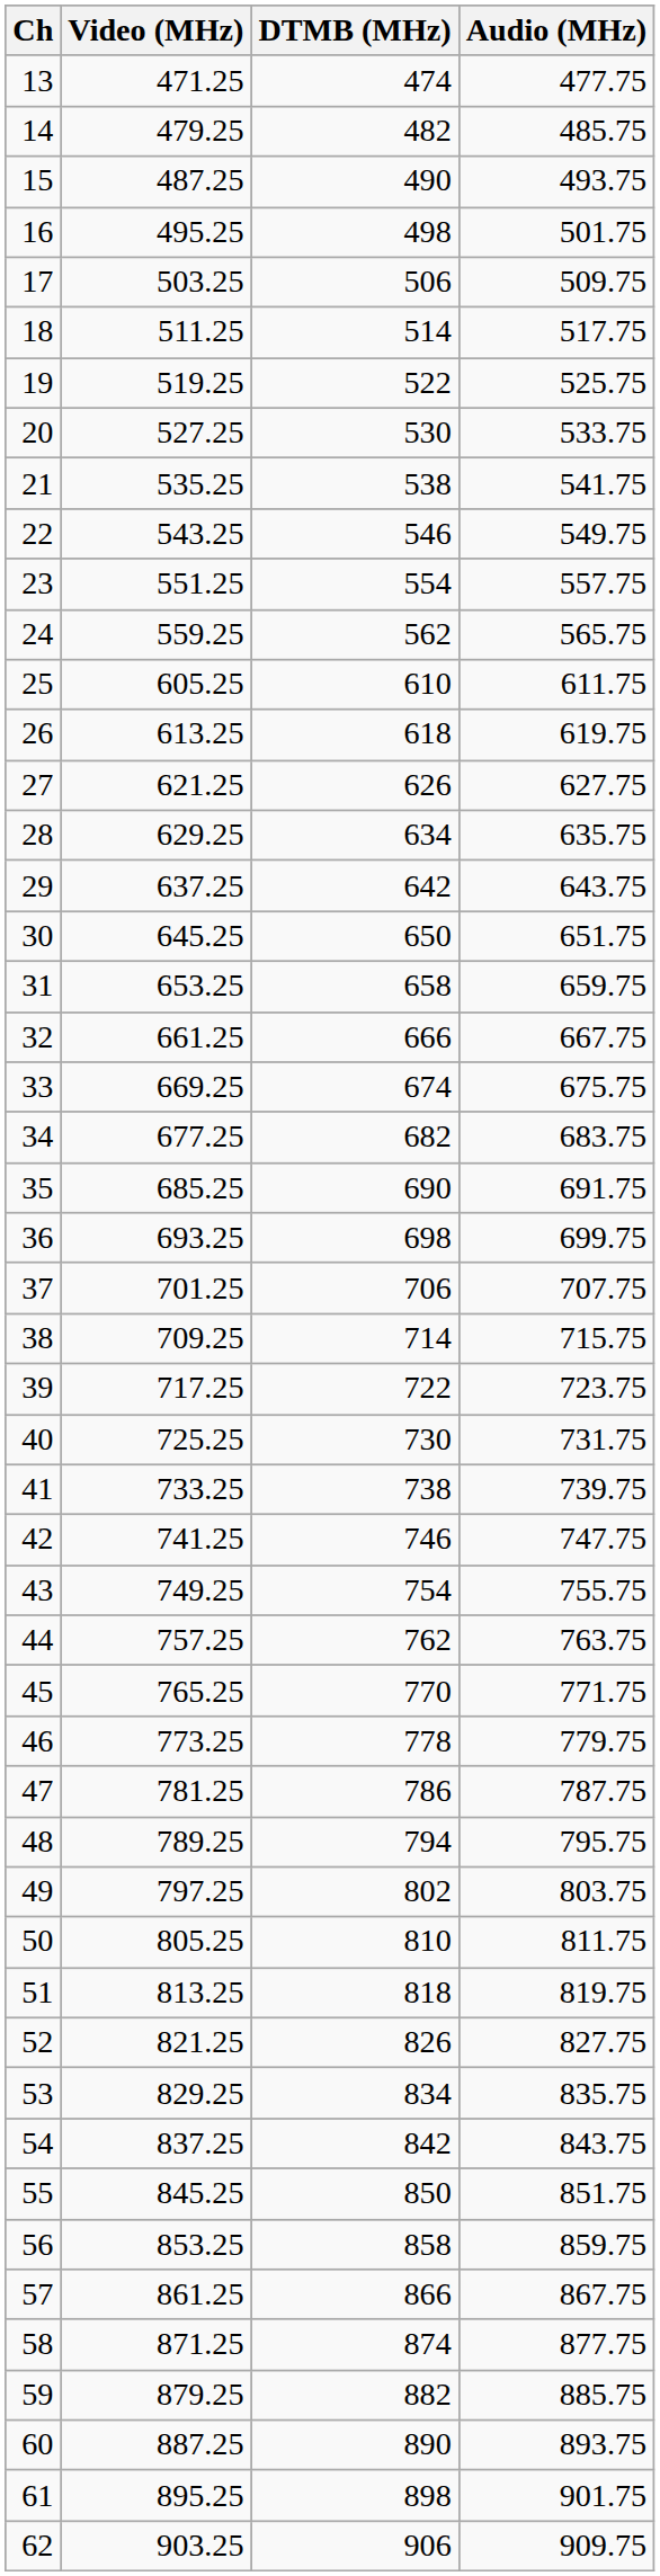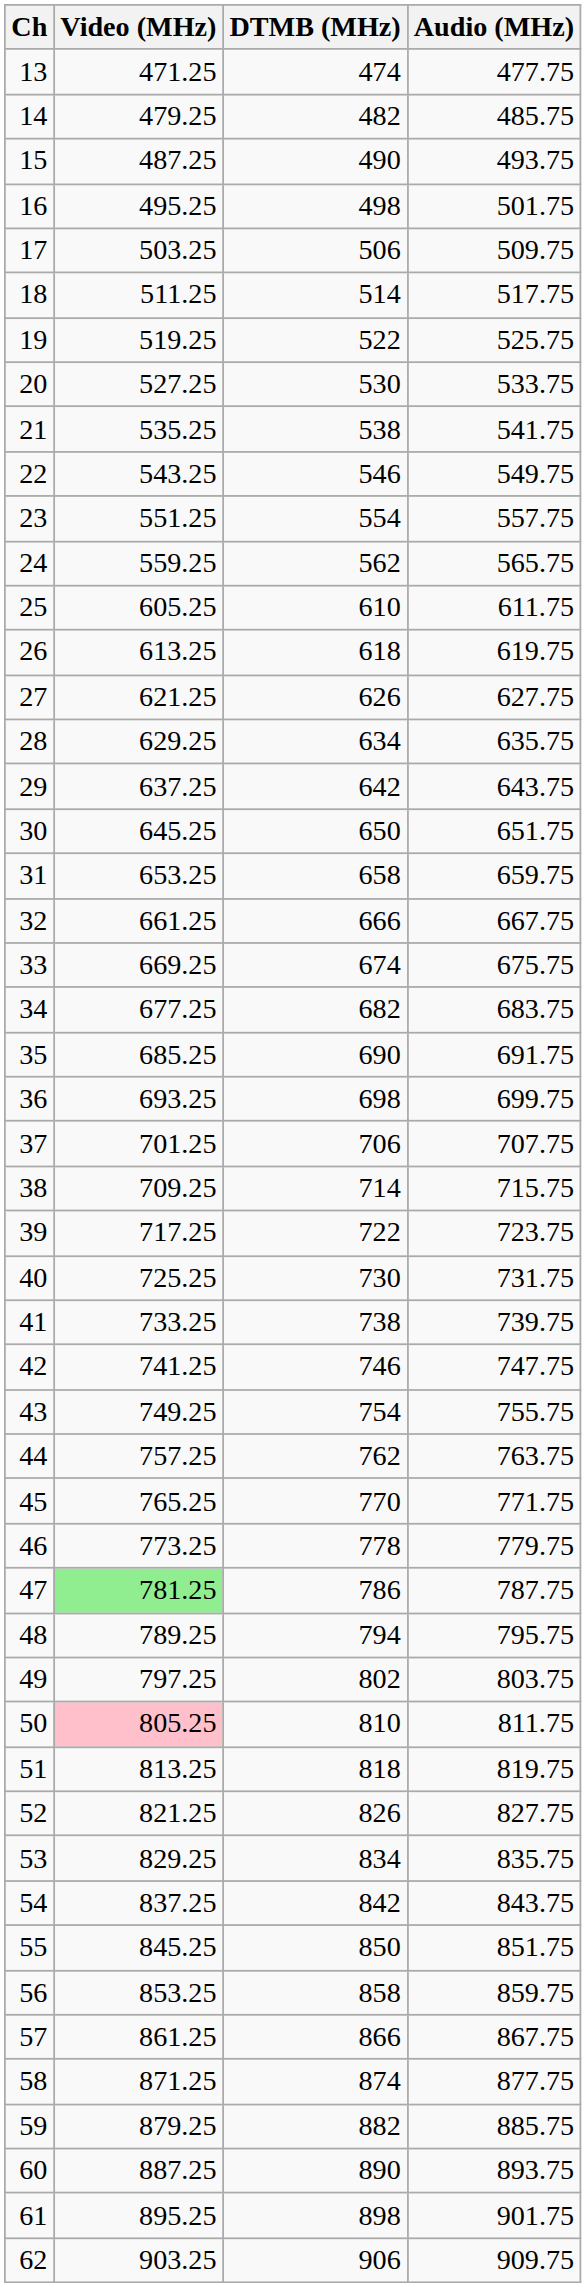 <table class="wikitable" style="text-align:right">
 <tr>
 <th>Ch</th>
 <th>Video (MHz)</th>
 <th>DTMB (MHz)</th>
 <th>Audio (MHz)</th>
 </tr>
 <tr>
 <td>13</td>
 <td>471.25</td>
 <td>474</td>
 <td>477.75</td>
 </tr>
 <tr>
 <td>14</td>
 <td>479.25</td>
 <td>482</td>
 <td>485.75</td>
 </tr>
 <tr>
 <td>15</td>
 <td>487.25</td>
 <td>490</td>
 <td>493.75</td>
 </tr>
 <tr>
 <td>16</td>
 <td>495.25</td>
 <td>498</td>
 <td>501.75</td>
 </tr>
 <tr>
 <td>17</td>
 <td>503.25</td>
 <td>506</td>
 <td>509.75</td>
 </tr>
 <tr>
 <td>18</td>
 <td>511.25</td>
 <td>514</td>
 <td>517.75</td>
 </tr>
 <tr>
 <td>19</td>
 <td>519.25</td>
 <td>522</td>
 <td>525.75</td>
 </tr>
 <tr>
 <td>20</td>
 <td>527.25</td>
 <td>530</td>
 <td>533.75</td>
 </tr>
 <tr>
 <td>21</td>
 <td>535.25</td>
 <td>538</td>
 <td>541.75</td>
 </tr>
 <tr>
 <td>22</td>
 <td>543.25</td>
 <td>546</td>
 <td>549.75</td>
 </tr>
 <tr>
 <td>23</td>
 <td>551.25</td>
 <td>554</td>
 <td>557.75</td>
 </tr>
 <tr>
 <td>24</td>
 <td>559.25</td>
 <td>562</td>
 <td>565.75</td>
 </tr>
 <tr>
 <td>25</td>
 <td>605.25</td>
 <td>610</td>
 <td>611.75</td>
 </tr>
 <tr>
 <td>26</td>
 <td>613.25</td>
 <td>618</td>
 <td>619.75</td>
 </tr>
 <tr>
 <td>27</td>
 <td>621.25</td>
 <td>626</td>
 <td>627.75</td>
 </tr>
 <tr>
 <td>28</td>
 <td>629.25</td>
 <td>634</td>
 <td>635.75</td>
 </tr>
 <tr>
 <td>29</td>
 <td>637.25</td>
 <td>642</td>
 <td>643.75</td>
 </tr>
 <tr>
 <td>30</td>
 <td>645.25</td>
 <td>650</td>
 <td>651.75</td>
 </tr>
 <tr>
 <td>31</td>
 <td>653.25</td>
 <td>658</td>
 <td>659.75</td>
 </tr>
 <tr>
 <td>32</td>
 <td>661.25</td>
 <td>666</td>
 <td>667.75</td>
 </tr>
 <tr>
 <td>33</td>
 <td>669.25</td>
 <td>674</td>
 <td>675.75</td>
 </tr>
 <tr>
 <td>34</td>
 <td>677.25</td>
 <td>682</td>
 <td>683.75</td>
 </tr>
 <tr>
 <td>35</td>
 <td>685.25</td>
 <td>690</td>
 <td>691.75</td>
 </tr>
 <tr>
 <td>36</td>
 <td>693.25</td>
 <td>698</td>
 <td>699.75</td>
 </tr>
 <tr>
 <td>37</td>
 <td>701.25</td>
 <td>706</td>
 <td>707.75</td>
 </tr>
 <tr>
 <td>38</td>
 <td>709.25</td>
 <td>714</td>
 <td>715.75</td>
 </tr>
 <tr>
 <td>39</td>
 <td>717.25</td>
 <td>722</td>
 <td>723.75</td>
 </tr>
 <tr>
 <td>40</td>
 <td>725.25</td>
 <td>730</td>
 <td>731.75</td>
 </tr>
 <tr>
 <td>41</td>
 <td>733.25</td>
 <td>738</td>
 <td>739.75</td>
 </tr>
 <tr>
 <td>42</td>
 <td>741.25</td>
 <td>746</td>
 <td>747.75</td>
 </tr>
 <tr>
 <td>43</td>
 <td>749.25</td>
 <td>754</td>
 <td>755.75</td>
 </tr>
 <tr>
 <td>44</td>
 <td>757.25</td>
 <td>762</td>
 <td>763.75</td>
 </tr>
 <tr>
 <td>45</td>
 <td>765.25</td>
 <td>770</td>
 <td>771.75</td>
 </tr>
 <tr>
 <td>46</td>
 <td>773.25</td>
 <td>778</td>
 <td>779.75</td>
 </tr>
 <tr>
 <td>47</td>
-<td>781.25</td>
+<td style="background: lightgreen;">781.25</td>
 <td>786</td>
 <td>787.75</td>
 </tr>
 <tr>
 <td>48</td>
 <td>789.25</td>
 <td>794</td>
 <td>795.75</td>
 </tr>
 <tr>
 <td>49</td>
 <td>797.25</td>
 <td>802</td>
 <td>803.75</td>
 </tr>
 <tr>
 <td>50</td>
-<td>805.25</td>
+<td style="background: pink;">805.25</td>
 <td>810</td>
 <td>811.75</td>
 </tr>
 <tr>
 <td>51</td>
 <td>813.25</td>
 <td>818</td>
 <td>819.75</td>
 </tr>
 <tr>
 <td>52</td>
 <td>821.25</td>
 <td>826</td>
 <td>827.75</td>
 </tr>
 <tr>
 <td>53</td>
 <td>829.25</td>
 <td>834</td>
 <td>835.75</td>
 </tr>
 <tr>
 <td>54</td>
 <td>837.25</td>
 <td>842</td>
 <td>843.75</td>
 </tr>
 <tr>
 <td>55</td>
 <td>845.25</td>
 <td>850</td>
 <td>851.75</td>
 </tr>
 <tr>
 <td>56</td>
 <td>853.25</td>
 <td>858</td>
 <td>859.75</td>
 </tr>
 <tr>
 <td>57</td>
 <td>861.25</td>
 <td>866</td>
 <td>867.75</td>
 </tr>
 <tr>
 <td>58</td>
 <td>871.25</td>
 <td>874</td>
 <td>877.75</td>
 </tr>
 <tr>
 <td>59</td>
 <td>879.25</td>
 <td>882</td>
 <td>885.75</td>
 </tr>
 <tr>
 <td>60</td>
 <td>887.25</td>
 <td>890</td>
 <td>893.75</td>
 </tr>
 <tr>
 <td>61</td>
 <td>895.25</td>
 <td>898</td>
 <td>901.75</td>
 </tr>
 <tr>
 <td>62</td>
 <td>903.25</td>
 <td>906</td>
 <td>909.75</td>
 </tr>
 </table>
